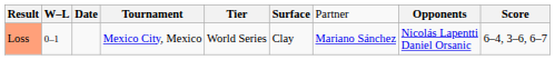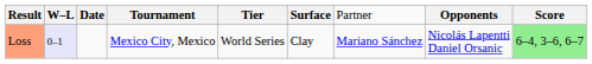 <table class="sortable wikitable">
 <tr>
 <th>Result</th>
 <th class="unsortable">W–L</th>
 <th>Date</th>
 <th>Tournament</th>
 <th>Tier</th>
 <th>Surface</th>
 <td>Partner</td>
 <th>Opponents</th>
 <th class="unsortable">Score</th>
 </tr>
 <tr>
 <td style="background:#ffa07a;">Loss</td>
-<td><small>0–1</small></td>
+<td style="background: lavender;"><small>0–1</small></td>
 <td><a href='#'></a></td>
 <td><a href='#'>Mexico City</a>, Mexico</td>
 <td>World Series</td>
 <td>Clay</td>
 <td> <a href='#'>Mariano Sánchez</a></td>
 <td> <a href='#'>Nicolás Lapentti</a> <br>  <a href='#'>Daniel Orsanic</a></td>
-<td>6–4, 3–6, 6–7</td>
+<td style="background: lightgreen;">6–4, 3–6, 6–7</td>
 </tr>
 </table>
